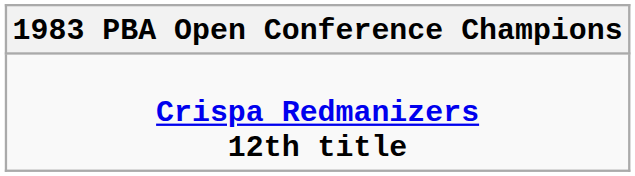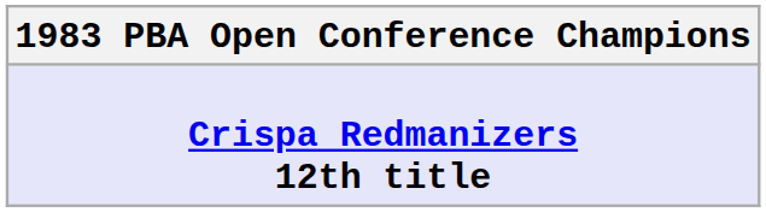 <table class=wikitable style="text-align:center; margin:auto">
 <tr>
 <th>1983 PBA Open Conference Champions</th>
 </tr>
 <tr>
-<td><br> <strong><a href='#'>Crispa Redmanizers</a></strong> <br> <strong>12th title</strong></td>
+<td style="background: lavender;"><br> <strong><a href='#'>Crispa Redmanizers</a></strong> <br> <strong>12th title</strong></td>
 </tr>
 </table>
